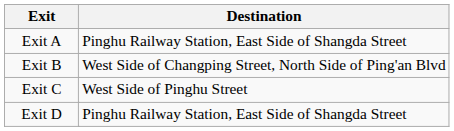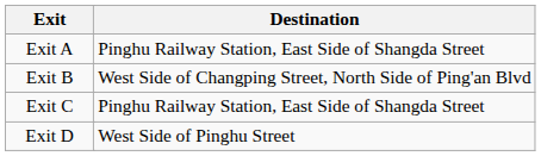 <table class="wikitable">
 <tr>
 <th style="width:70px" colspan="2">Exit</th>
 <th>Destination</th>
 </tr>
 <tr>
 <td align="center" colspan="2">Exit A</td>
 <td>Pinghu Railway Station, East Side of Shangda Street</td>
 </tr>
 <tr>
 <td align="center" colspan="2">Exit B</td>
 <td>West Side of Changping Street, North Side of Ping'an Blvd</td>
 </tr>
 <tr>
 <td align="center" colspan="2">Exit C</td>
-<td>West Side of Pinghu Street</td>
+<td>Pinghu Railway Station, East Side of Shangda Street</td>
 </tr>
 <tr>
 <td align="center" colspan="2">Exit D</td>
-<td>Pinghu Railway Station, East Side of Shangda Street</td>
+<td>West Side of Pinghu Street</td>
 </tr>
 </table>
